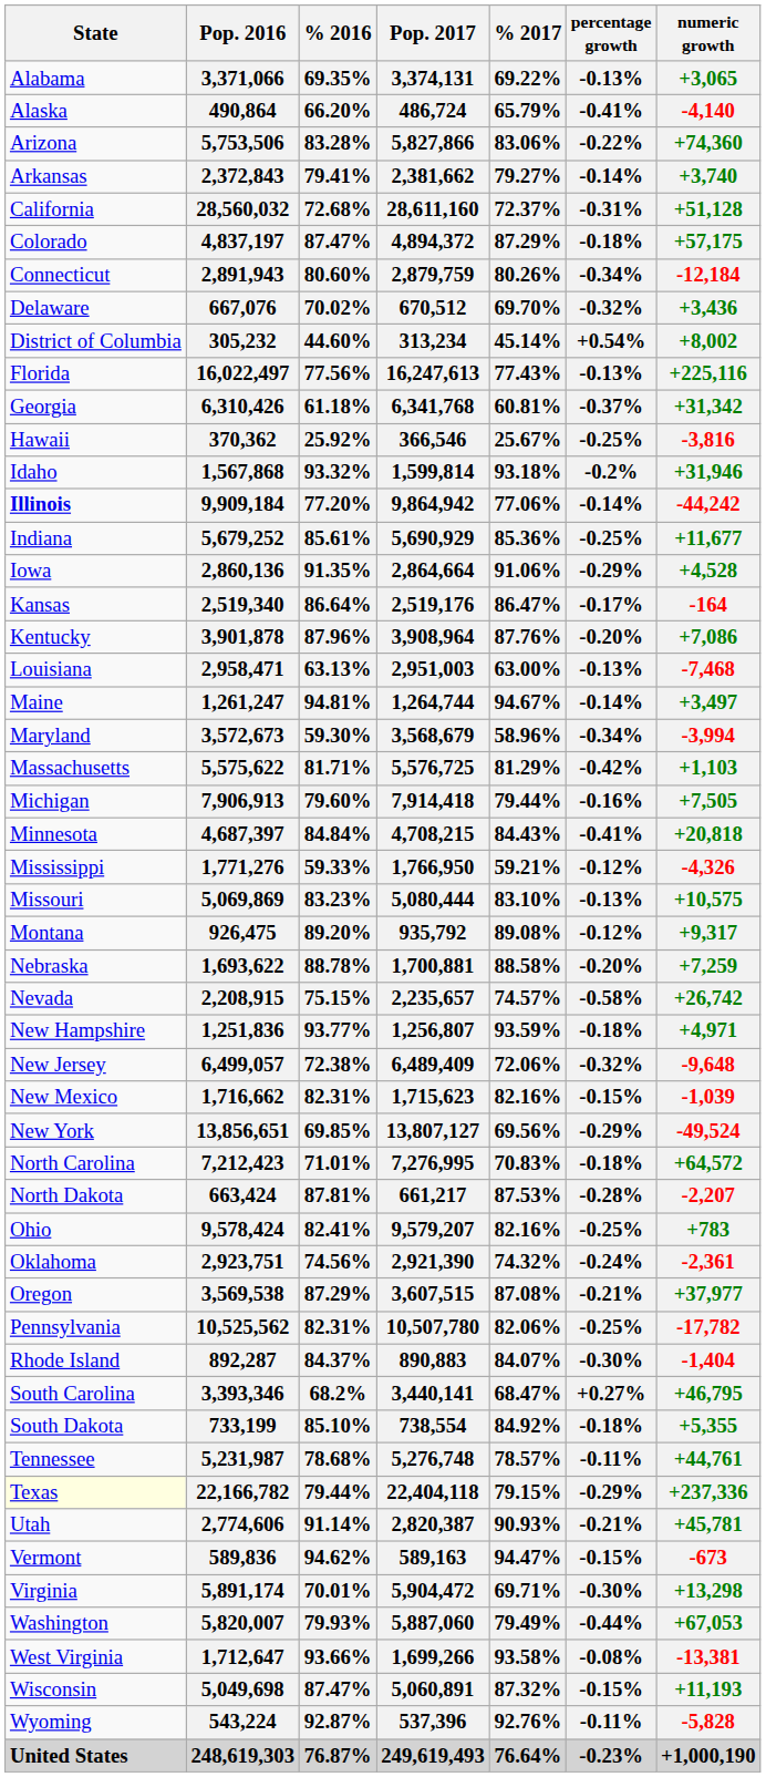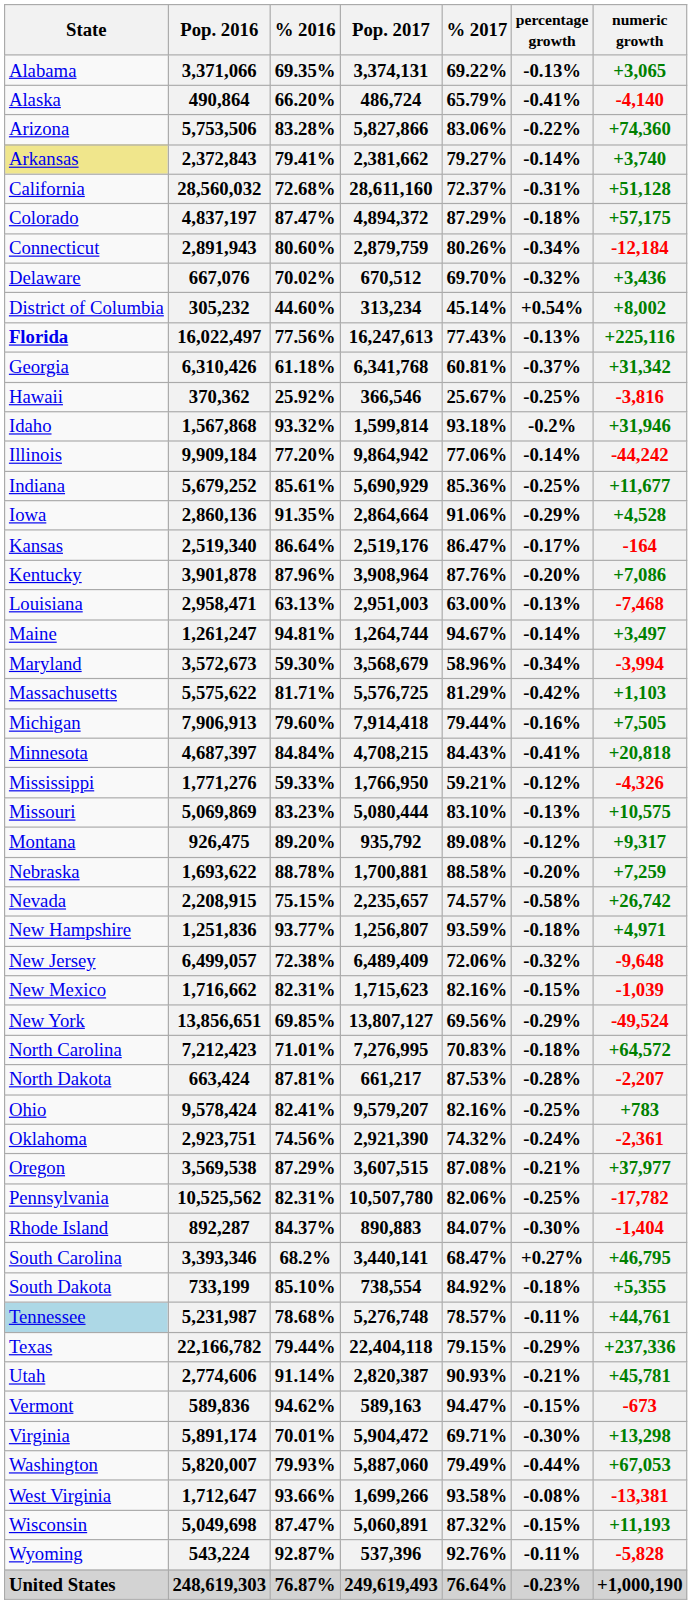 <table class="wikitable sortable mw-collapsible mw-collapsed" font-size: 75%;">
 <tr>
 <th>State</th>
 <th>Pop. 2016</th>
 <th>% 2016</th>
 <th>Pop. 2017</th>
 <th>% 2017</th>
 <th><small>percentage<br>growth</small></th>
 <th><small>numeric<br>growth</small></th>
 </tr>
 <tr>
 <td>  <a href='#'>Alabama</a></td>
 <th>3,371,066</th>
 <th>69.35%</th>
 <th>3,374,131</th>
 <th>69.22%</th>
 <th>-0.13%</th>
 <th style="color: green;">+3,065</th>
 </tr>
 <tr>
 <td>  <a href='#'>Alaska</a></td>
 <th>490,864</th>
 <th>66.20%</th>
 <th>486,724</th>
 <th>65.79%</th>
 <th>-0.41%</th>
 <th style="color: red">-4,140</th>
 </tr>
 <tr>
 <td> <a href='#'>Arizona</a></td>
 <th>5,753,506</th>
 <th>83.28%</th>
 <th>5,827,866</th>
 <th>83.06%</th>
 <th>-0.22%</th>
 <th style="color: green">+74,360</th>
 </tr>
 <tr>
-<td>  <a href='#'>Arkansas</a></td>
+<td style="background: khaki;">  <a href='#'>Arkansas</a></td>
 <th>2,372,843</th>
 <th>79.41%</th>
 <th>2,381,662</th>
 <th>79.27%</th>
 <th>-0.14%</th>
 <th style="color: green">+3,740</th>
 </tr>
 <tr>
 <td> <a href='#'>California</a></td>
 <th>28,560,032</th>
 <th>72.68%</th>
 <th>28,611,160</th>
 <th>72.37%</th>
 <th>-0.31%</th>
 <th style="color: green">+51,128</th>
 </tr>
 <tr>
 <td> <a href='#'>Colorado</a></td>
 <th>4,837,197</th>
 <th>87.47%</th>
 <th>4,894,372</th>
 <th>87.29%</th>
 <th>-0.18%</th>
 <th style="color: green;">+57,175</th>
 </tr>
 <tr>
 <td>  <a href='#'>Connecticut</a></td>
 <th>2,891,943</th>
 <th>80.60%</th>
 <th>2,879,759</th>
 <th>80.26%</th>
 <th>-0.34%</th>
 <th style="color: red;">-12,184</th>
 </tr>
 <tr>
 <td>  <a href='#'>Delaware</a></td>
 <th>667,076</th>
 <th>70.02%</th>
 <th>670,512</th>
 <th>69.70%</th>
 <th>-0.32%</th>
 <th style="color: green;">+3,436</th>
 </tr>
 <tr>
 <td> <a href='#'>District of Columbia</a></td>
 <th>305,232</th>
 <th>44.60%</th>
 <th>313,234</th>
 <th>45.14%</th>
 <th>+0.54%</th>
 <th style="color: green;">+8,002</th>
 </tr>
 <tr>
-<td> <a href='#'>Florida</a></td>
+<td><strong> <a href='#'>Florida</a></strong></td>
 <th>16,022,497</th>
 <th>77.56%</th>
 <th>16,247,613</th>
 <th>77.43%</th>
 <th>-0.13%</th>
 <th style="color: green;">+225,116</th>
 </tr>
 <tr>
 <td> <a href='#'>Georgia</a></td>
 <th>6,310,426</th>
 <th>61.18%</th>
 <th>6,341,768</th>
 <th>60.81%</th>
 <th>-0.37%</th>
 <th style="color: green;">+31,342</th>
 </tr>
 <tr>
 <td>  <a href='#'>Hawaii</a></td>
 <th>370,362</th>
 <th>25.92%</th>
 <th>366,546</th>
 <th>25.67%</th>
 <th>-0.25%</th>
 <th style="color: red;">-3,816</th>
 </tr>
 <tr>
 <td>  <a href='#'>Idaho</a></td>
 <th>1,567,868</th>
 <th>93.32%</th>
 <th>1,599,814</th>
 <th>93.18%</th>
 <th>-0.2%</th>
 <th style="color: green;">+31,946</th>
 </tr>
 <tr>
-<td><strong>  <a href='#'>Illinois</a></strong></td>
+<td>  <a href='#'>Illinois</a></td>
 <th>9,909,184</th>
 <th>77.20%</th>
 <th>9,864,942</th>
 <th>77.06%</th>
 <th>-0.14%</th>
 <th style="color: red;">-44,242</th>
 </tr>
 <tr>
 <td>  <a href='#'>Indiana</a></td>
 <th>5,679,252</th>
 <th>85.61%</th>
 <th>5,690,929</th>
 <th>85.36%</th>
 <th>-0.25%</th>
 <th style="color: green;">+11,677</th>
 </tr>
 <tr>
 <td>  <a href='#'>Iowa</a></td>
 <th>2,860,136</th>
 <th>91.35%</th>
 <th>2,864,664</th>
 <th>91.06%</th>
 <th>-0.29%</th>
 <th style="color: green;">+4,528</th>
 </tr>
 <tr>
 <td>  <a href='#'>Kansas</a></td>
 <th>2,519,340</th>
 <th>86.64%</th>
 <th>2,519,176</th>
 <th>86.47%</th>
 <th>-0.17%</th>
 <th style="color: red;">-164</th>
 </tr>
 <tr>
 <td>  <a href='#'>Kentucky</a></td>
 <th>3,901,878</th>
 <th>87.96%</th>
 <th>3,908,964</th>
 <th>87.76%</th>
 <th>-0.20%</th>
 <th style="color: green;">+7,086</th>
 </tr>
 <tr>
 <td>  <a href='#'>Louisiana</a></td>
 <th>2,958,471</th>
 <th>63.13%</th>
 <th>2,951,003</th>
 <th>63.00%</th>
 <th>-0.13%</th>
 <th style="color: red;">-7,468</th>
 </tr>
 <tr>
 <td>  <a href='#'>Maine</a></td>
 <th>1,261,247</th>
 <th>94.81%</th>
 <th>1,264,744</th>
 <th>94.67%</th>
 <th>-0.14%</th>
 <th style="color: green;">+3,497</th>
 </tr>
 <tr>
 <td>  <a href='#'>Maryland</a></td>
 <th>3,572,673</th>
 <th>59.30%</th>
 <th>3,568,679</th>
 <th>58.96%</th>
 <th>-0.34%</th>
 <th style="color: red;">-3,994</th>
 </tr>
 <tr>
 <td>  <a href='#'>Massachusetts</a></td>
 <th>5,575,622</th>
 <th>81.71%</th>
 <th>5,576,725</th>
 <th>81.29%</th>
 <th>-0.42%</th>
 <th style="color: green;">+1,103</th>
 </tr>
 <tr>
 <td>  <a href='#'>Michigan</a></td>
 <th>7,906,913</th>
 <th>79.60%</th>
 <th>7,914,418</th>
 <th>79.44%</th>
 <th>-0.16%</th>
 <th style="color: green;">+7,505</th>
 </tr>
 <tr>
 <td>  <a href='#'>Minnesota</a></td>
 <th>4,687,397</th>
 <th>84.84%</th>
 <th>4,708,215</th>
 <th>84.43%</th>
 <th>-0.41%</th>
 <th style="color: green;">+20,818</th>
 </tr>
 <tr>
 <td>  <a href='#'>Mississippi</a></td>
 <th>1,771,276</th>
 <th>59.33%</th>
 <th>1,766,950</th>
 <th>59.21%</th>
 <th>-0.12%</th>
 <th style="color: red;">-4,326</th>
 </tr>
 <tr>
 <td>  <a href='#'>Missouri</a></td>
 <th>5,069,869</th>
 <th>83.23%</th>
 <th>5,080,444</th>
 <th>83.10%</th>
 <th>-0.13%</th>
 <th style="color: green;">+10,575</th>
 </tr>
 <tr>
 <td>  <a href='#'>Montana</a></td>
 <th>926,475</th>
 <th>89.20%</th>
 <th>935,792</th>
 <th>89.08%</th>
 <th>-0.12%</th>
 <th style="color: green;">+9,317</th>
 </tr>
 <tr>
 <td>  <a href='#'>Nebraska</a></td>
 <th>1,693,622</th>
 <th>88.78%</th>
 <th>1,700,881</th>
 <th>88.58%</th>
 <th>-0.20%</th>
 <th style="color: green;">+7,259</th>
 </tr>
 <tr>
 <td> <a href='#'>Nevada</a></td>
 <th>2,208,915</th>
 <th>75.15%</th>
 <th>2,235,657</th>
 <th>74.57%</th>
 <th>-0.58%</th>
 <th style="color: green;">+26,742</th>
 </tr>
 <tr>
 <td>  <a href='#'>New Hampshire</a></td>
 <th>1,251,836</th>
 <th>93.77%</th>
 <th>1,256,807</th>
 <th>93.59%</th>
 <th>-0.18%</th>
 <th style="color: green;">+4,971</th>
 </tr>
 <tr>
 <td>  <a href='#'>New Jersey</a></td>
 <th>6,499,057</th>
 <th>72.38%</th>
 <th>6,489,409</th>
 <th>72.06%</th>
 <th>-0.32%</th>
 <th style="color: red;">-9,648</th>
 </tr>
 <tr>
 <td> <a href='#'>New Mexico</a></td>
 <th>1,716,662</th>
 <th>82.31%</th>
 <th>1,715,623</th>
 <th>82.16%</th>
 <th>-0.15%</th>
 <th style="color: red;">-1,039</th>
 </tr>
 <tr>
 <td>  <a href='#'>New York</a></td>
 <th>13,856,651</th>
 <th>69.85%</th>
 <th>13,807,127</th>
 <th>69.56%</th>
 <th>-0.29%</th>
 <th style="color: red;">-49,524</th>
 </tr>
 <tr>
 <td>  <a href='#'>North Carolina</a></td>
 <th>7,212,423</th>
 <th>71.01%</th>
 <th>7,276,995</th>
 <th>70.83%</th>
 <th>-0.18%</th>
 <th style="color: green;">+64,572</th>
 </tr>
 <tr>
 <td>  <a href='#'>North Dakota</a></td>
 <th>663,424</th>
 <th>87.81%</th>
 <th>661,217</th>
 <th>87.53%</th>
 <th>-0.28%</th>
 <th style="color: red;">-2,207</th>
 </tr>
 <tr>
 <td>  <a href='#'>Ohio</a></td>
 <th>9,578,424</th>
 <th>82.41%</th>
 <th>9,579,207</th>
 <th>82.16%</th>
 <th>-0.25%</th>
 <th style="color: green;">+783</th>
 </tr>
 <tr>
 <td>  <a href='#'>Oklahoma</a></td>
 <th>2,923,751</th>
 <th>74.56%</th>
 <th>2,921,390</th>
 <th>74.32%</th>
 <th>-0.24%</th>
 <th style="color: red;">-2,361</th>
 </tr>
 <tr>
 <td>  <a href='#'>Oregon</a></td>
 <th>3,569,538</th>
 <th>87.29%</th>
 <th>3,607,515</th>
 <th>87.08%</th>
 <th>-0.21%</th>
 <th style="color: green;">+37,977</th>
 </tr>
 <tr>
 <td>  <a href='#'>Pennsylvania</a></td>
 <th>10,525,562</th>
 <th>82.31%</th>
 <th>10,507,780</th>
 <th>82.06%</th>
 <th>-0.25%</th>
 <th style="color: red;">-17,782</th>
 </tr>
 <tr>
 <td>  <a href='#'>Rhode Island</a></td>
 <th>892,287</th>
 <th>84.37%</th>
 <th>890,883</th>
 <th>84.07%</th>
 <th>-0.30%</th>
 <th style="color: red;">-1,404</th>
 </tr>
 <tr>
 <td>  <a href='#'>South Carolina</a></td>
 <th>3,393,346</th>
 <th>68.2%</th>
 <th>3,440,141</th>
 <th>68.47%</th>
 <th>+0.27%</th>
 <th style="color: green";>+46,795</th>
 </tr>
 <tr>
 <td>  <a href='#'>South Dakota</a></td>
 <th>733,199</th>
 <th>85.10%</th>
 <th>738,554</th>
 <th>84.92%</th>
 <th>-0.18%</th>
 <th style="color: green;">+5,355</th>
 </tr>
 <tr>
-<td>  <a href='#'>Tennessee</a></td>
+<td style="background: lightblue;">  <a href='#'>Tennessee</a></td>
 <th>5,231,987</th>
 <th>78.68%</th>
 <th>5,276,748</th>
 <th>78.57%</th>
 <th>-0.11%</th>
 <th style="color: green;">+44,761</th>
 </tr>
 <tr>
-<td style="background: lightyellow;"> <a href='#'>Texas</a></td>
+<td> <a href='#'>Texas</a></td>
 <th>22,166,782</th>
 <th>79.44%</th>
 <th>22,404,118</th>
 <th>79.15%</th>
 <th>-0.29%</th>
 <th style="color: green;">+237,336</th>
 </tr>
 <tr>
 <td>  <a href='#'>Utah</a></td>
 <th>2,774,606</th>
 <th>91.14%</th>
 <th>2,820,387</th>
 <th>90.93%</th>
 <th>-0.21%</th>
 <th style="color: green;">+45,781</th>
 </tr>
 <tr>
 <td>  <a href='#'>Vermont</a></td>
 <th>589,836</th>
 <th>94.62%</th>
 <th>589,163</th>
 <th>94.47%</th>
 <th>-0.15%</th>
 <th style="color: red;">-673</th>
 </tr>
 <tr>
 <td>  <a href='#'>Virginia</a></td>
 <th>5,891,174</th>
 <th>70.01%</th>
 <th>5,904,472</th>
 <th>69.71%</th>
 <th>-0.30%</th>
 <th style="color: green;">+13,298</th>
 </tr>
 <tr>
 <td>  <a href='#'>Washington</a></td>
 <th>5,820,007</th>
 <th>79.93%</th>
 <th>5,887,060</th>
 <th>79.49%</th>
 <th>-0.44%</th>
 <th style="color: green;">+67,053</th>
 </tr>
 <tr>
 <td>  <a href='#'>West Virginia</a></td>
 <th>1,712,647</th>
 <th>93.66%</th>
 <th>1,699,266</th>
 <th>93.58%</th>
 <th>-0.08%</th>
 <th style="color: red;">-13,381</th>
 </tr>
 <tr>
 <td>  <a href='#'>Wisconsin</a></td>
 <th>5,049,698</th>
 <th>87.47%</th>
 <th>5,060,891</th>
 <th>87.32%</th>
 <th>-0.15%</th>
 <th style="color: green;">+11,193</th>
 </tr>
 <tr>
 <td>  <a href='#'>Wyoming</a></td>
 <th>543,224</th>
 <th>92.87%</th>
 <th>537,396</th>
 <th>92.76%</th>
 <th>-0.11%</th>
 <th style="color: red;">-5,828</th>
 </tr>
 <tr class="sortbottom" style="background: lightgrey;">
 <td> <strong>United States</strong></td>
 <td style="text-align:center;"><strong>248,619,303</strong></td>
 <td style="text-align:center;"><strong>76.87%</strong></td>
 <td style="text-align:center;"><strong>249,619,493</strong></td>
 <td style="text-align:center;"><strong>76.64%</strong></td>
 <td style="text-align:center;"><strong>-0.23%</strong></td>
 <td style="text-align:center;"><span><strong>+1,000,190</strong></span></td>
 </tr>
 </table>
